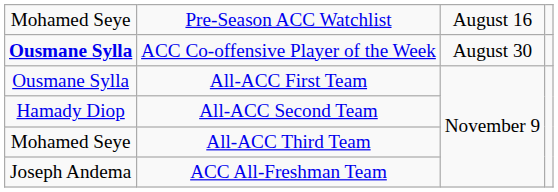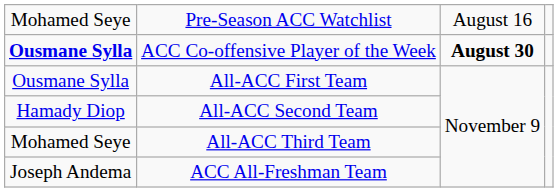 <table class="wikitable sortable" style="text-align: center">
 <tr>
 <td>Mohamed Seye</td>
 <td><a href='#'>Pre-Season ACC Watchlist</a></td>
 <td>August 16</td>
 <td></td>
 </tr>
 <tr>
 <td><strong><a href='#'>Ousmane Sylla</a></strong></td>
 <td><a href='#'>ACC Co-offensive Player of the Week</a></td>
-<td>August 30</td>
+<td><strong>August 30</strong></td>
 <td></td>
 </tr>
 <tr>
 <td><a href='#'>Ousmane Sylla</a></td>
 <td><a href='#'>All-ACC First Team</a></td>
 <td rowspan=4>November 9</td>
 <td rowspan=4></td>
 </tr>
 <tr>
 <td><a href='#'>Hamady Diop</a></td>
 <td><a href='#'>All-ACC Second Team</a></td>
 </tr>
 <tr>
 <td>Mohamed Seye</td>
 <td><a href='#'>All-ACC Third Team</a></td>
 </tr>
 <tr>
 <td>Joseph Andema</td>
 <td><a href='#'>ACC All-Freshman Team</a></td>
 </tr>
 </table>
